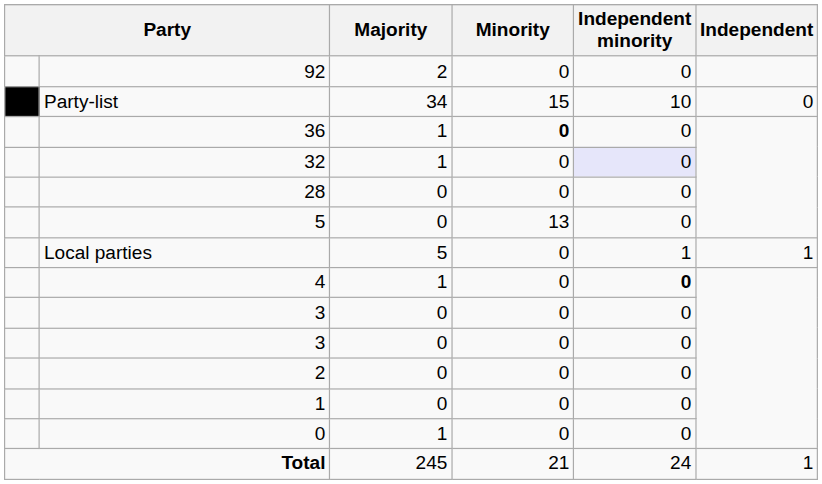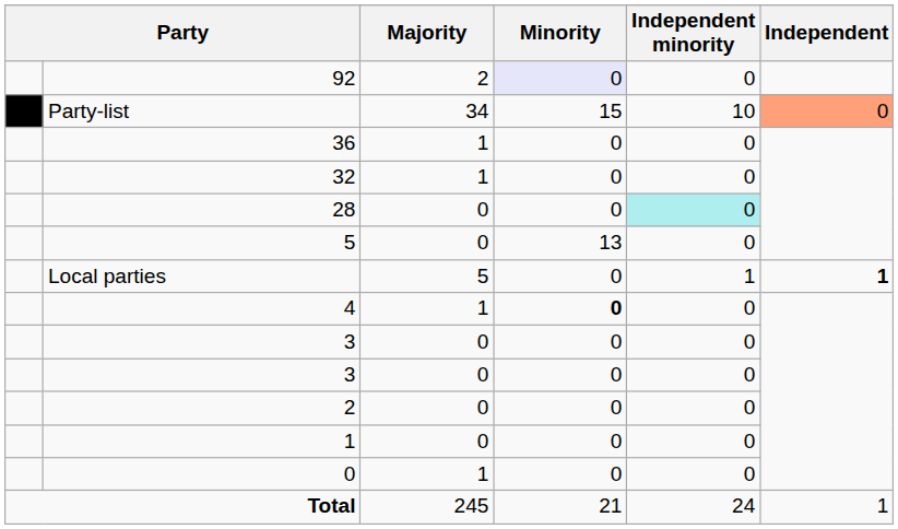 <table class="wikitable" style="text-align:right">
 <tr>
 </tr>
 <tr>
 <th colspan="2" style="text-align:center;">Party</th>
 <th width="15%">Majority</th>
 <th width="15%">Minority</th>
 <th width="15%">Independent<br>minority</th>
 <th width="15%">Independent</th>
 </tr>
 <tr>
 <td></td>
 <td>92</td>
 <td>2</td>
-<td>0</td>
+<td style="background: lavender;">0</td>
 <td>0</td>
 </tr>
 <tr>
 <td bgcolor="black"> </td>
 <td style="text-align:left;">Party-list</td>
 <td>34</td>
 <td>15</td>
 <td>10</td>
-<td>0</td>
+<td style="background: lightsalmon;">0</td>
 </tr>
 <tr>
 <td></td>
 <td>36</td>
 <td>1</td>
-<td><strong>0</strong></td>
+<td>0</td>
 <td>0</td>
 </tr>
 <tr>
 <td></td>
 <td>32</td>
 <td>1</td>
 <td>0</td>
-<td style="background: lavender;">0</td>
+<td>0</td>
 </tr>
 <tr>
 <td></td>
 <td>28</td>
 <td>0</td>
 <td>0</td>
-<td>0</td>
+<td style="background: paleturquoise;">0</td>
 </tr>
 <tr>
 <td></td>
 <td>5</td>
 <td>0</td>
 <td>13</td>
 <td>0</td>
 </tr>
 <tr>
 <td></td>
 <td style="text-align:left;">Local parties</td>
 <td>5</td>
 <td>0</td>
 <td>1</td>
-<td>1</td>
+<td><strong>1</strong></td>
 </tr>
 <tr>
 <td></td>
 <td>4</td>
 <td>1</td>
+<td><strong>0</strong></td>
 <td>0</td>
-<td><strong>0</strong></td>
 </tr>
 <tr>
 <td></td>
 <td>3</td>
 <td>0</td>
 <td>0</td>
 <td>0</td>
 </tr>
 <tr>
 <td></td>
 <td>3</td>
 <td>0</td>
 <td>0</td>
 <td>0</td>
 </tr>
 <tr>
 <td></td>
 <td>2</td>
 <td>0</td>
 <td>0</td>
 <td>0</td>
 </tr>
 <tr>
 <td></td>
 <td>1</td>
 <td>0</td>
 <td>0</td>
 <td>0</td>
 </tr>
 <tr>
 <td></td>
 <td>0</td>
 <td>1</td>
 <td>0</td>
 <td>0</td>
 </tr>
 <tr>
 <td colspan="2" rowspan="1"><strong>Total</strong></td>
 <td>245</td>
 <td>21</td>
 <td>24</td>
 <td>1</td>
 </tr>
 </table>
